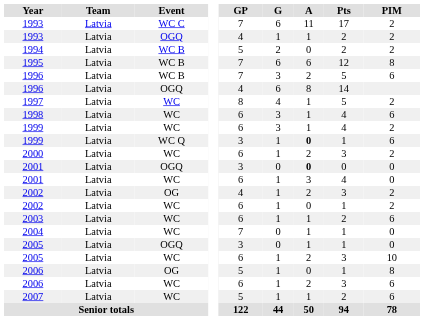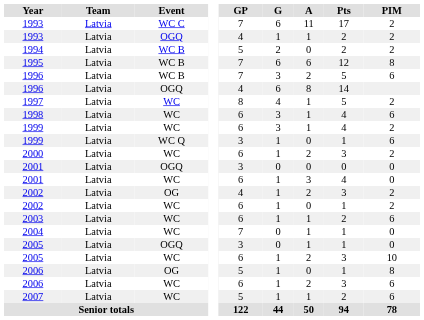 <table border="0" cellpadding="1" cellspacing="0" style="text-align:center; width:40em">
 <tr ALIGN="center" bgcolor="#e0e0e0">
 <th>Year</th>
 <th>Team</th>
 <th>Event</th>
 <th ALIGN="center" rowspan="99" bgcolor="#ffffff"> </th>
 <th>GP</th>
 <th>G</th>
 <th>A</th>
 <th>Pts</th>
 <th>PIM</th>
 </tr>
 <tr>
 <td><a href='#'>1993</a></td>
 <td><a href='#'>Latvia</a></td>
 <td><a href='#'>WC C</a></td>
 <td>7</td>
 <td>6</td>
 <td>11</td>
 <td>17</td>
 <td>2</td>
 </tr>
 <tr bgcolor="#f0f0f0">
 <td><a href='#'>1993</a></td>
 <td>Latvia</td>
 <td><a href='#'>OGQ</a></td>
 <td>4</td>
 <td>1</td>
 <td>1</td>
 <td>2</td>
 <td>2</td>
 </tr>
 <tr>
 <td><a href='#'>1994</a></td>
 <td>Latvia</td>
 <td><a href='#'>WC B</a></td>
 <td>5</td>
 <td>2</td>
 <td>0</td>
 <td>2</td>
 <td>2</td>
 </tr>
 <tr bgcolor="#f0f0f0">
 <td><a href='#'>1995</a></td>
 <td>Latvia</td>
 <td>WC B</td>
 <td>7</td>
 <td>6</td>
 <td>6</td>
 <td>12</td>
 <td>8</td>
 </tr>
 <tr>
 <td><a href='#'>1996</a></td>
 <td>Latvia</td>
 <td>WC B</td>
 <td>7</td>
 <td>3</td>
 <td>2</td>
 <td>5</td>
 <td>6</td>
 </tr>
 <tr bgcolor="#f0f0f0">
 <td><a href='#'>1996</a></td>
 <td>Latvia</td>
 <td>OGQ</td>
 <td>4</td>
 <td>6</td>
 <td>8</td>
 <td>14</td>
 <td></td>
 </tr>
 <tr>
 <td><a href='#'>1997</a></td>
 <td>Latvia</td>
 <td><a href='#'>WC</a></td>
 <td>8</td>
 <td>4</td>
 <td>1</td>
 <td>5</td>
 <td>2</td>
 </tr>
 <tr bgcolor="#f0f0f0">
 <td><a href='#'>1998</a></td>
 <td>Latvia</td>
 <td>WC</td>
 <td>6</td>
 <td>3</td>
 <td>1</td>
 <td>4</td>
 <td>6</td>
 </tr>
 <tr>
 <td><a href='#'>1999</a></td>
 <td>Latvia</td>
 <td>WC</td>
 <td>6</td>
 <td>3</td>
 <td>1</td>
 <td>4</td>
 <td>2</td>
 </tr>
 <tr bgcolor="#f0f0f0">
 <td><a href='#'>1999</a></td>
 <td>Latvia</td>
 <td>WC Q</td>
 <td>3</td>
 <td>1</td>
-<td><strong>0</strong></td>
+<td>0</td>
 <td>1</td>
 <td>6</td>
 </tr>
 <tr>
 <td><a href='#'>2000</a></td>
 <td>Latvia</td>
 <td>WC</td>
 <td>6</td>
 <td>1</td>
 <td>2</td>
 <td>3</td>
 <td>2</td>
 </tr>
 <tr bgcolor="#f0f0f0">
 <td><a href='#'>2001</a></td>
 <td>Latvia</td>
 <td>OGQ</td>
 <td>3</td>
 <td>0</td>
-<td><strong>0</strong></td>
+<td>0</td>
 <td>0</td>
 <td>0</td>
 </tr>
 <tr>
 <td><a href='#'>2001</a></td>
 <td>Latvia</td>
 <td>WC</td>
 <td>6</td>
 <td>1</td>
 <td>3</td>
 <td>4</td>
 <td>0</td>
 </tr>
 <tr bgcolor="#f0f0f0">
 <td><a href='#'>2002</a></td>
 <td>Latvia</td>
 <td>OG</td>
 <td>4</td>
 <td>1</td>
 <td>2</td>
 <td>3</td>
 <td>2</td>
 </tr>
 <tr>
 <td><a href='#'>2002</a></td>
 <td>Latvia</td>
 <td>WC</td>
 <td>6</td>
 <td>1</td>
 <td>0</td>
 <td>1</td>
 <td>2</td>
 </tr>
 <tr bgcolor="#f0f0f0">
 <td><a href='#'>2003</a></td>
 <td>Latvia</td>
 <td>WC</td>
 <td>6</td>
 <td>1</td>
 <td>1</td>
 <td>2</td>
 <td>6</td>
 </tr>
 <tr>
 <td><a href='#'>2004</a></td>
 <td>Latvia</td>
 <td>WC</td>
 <td>7</td>
 <td>0</td>
 <td>1</td>
 <td>1</td>
 <td>0</td>
 </tr>
 <tr bgcolor="#f0f0f0">
 <td><a href='#'>2005</a></td>
 <td>Latvia</td>
 <td>OGQ</td>
 <td>3</td>
 <td>0</td>
 <td>1</td>
 <td>1</td>
 <td>0</td>
 </tr>
 <tr>
 <td><a href='#'>2005</a></td>
 <td>Latvia</td>
 <td>WC</td>
 <td>6</td>
 <td>1</td>
 <td>2</td>
 <td>3</td>
 <td>10</td>
 </tr>
 <tr bgcolor="#f0f0f0">
 <td><a href='#'>2006</a></td>
 <td>Latvia</td>
 <td>OG</td>
 <td>5</td>
 <td>1</td>
 <td>0</td>
 <td>1</td>
 <td>8</td>
 </tr>
 <tr>
 <td><a href='#'>2006</a></td>
 <td>Latvia</td>
 <td>WC</td>
 <td>6</td>
 <td>1</td>
 <td>2</td>
 <td>3</td>
 <td>6</td>
 </tr>
 <tr bgcolor="#f0f0f0">
 <td><a href='#'>2007</a></td>
 <td>Latvia</td>
 <td>WC</td>
 <td>5</td>
 <td>1</td>
 <td>1</td>
 <td>2</td>
 <td>6</td>
 </tr>
 <tr bgcolor="#e0e0e0">
 <th colspan="3">Senior totals</th>
 <th>122</th>
 <th>44</th>
 <th>50</th>
 <th>94</th>
 <th>78</th>
 </tr>
 </table>
